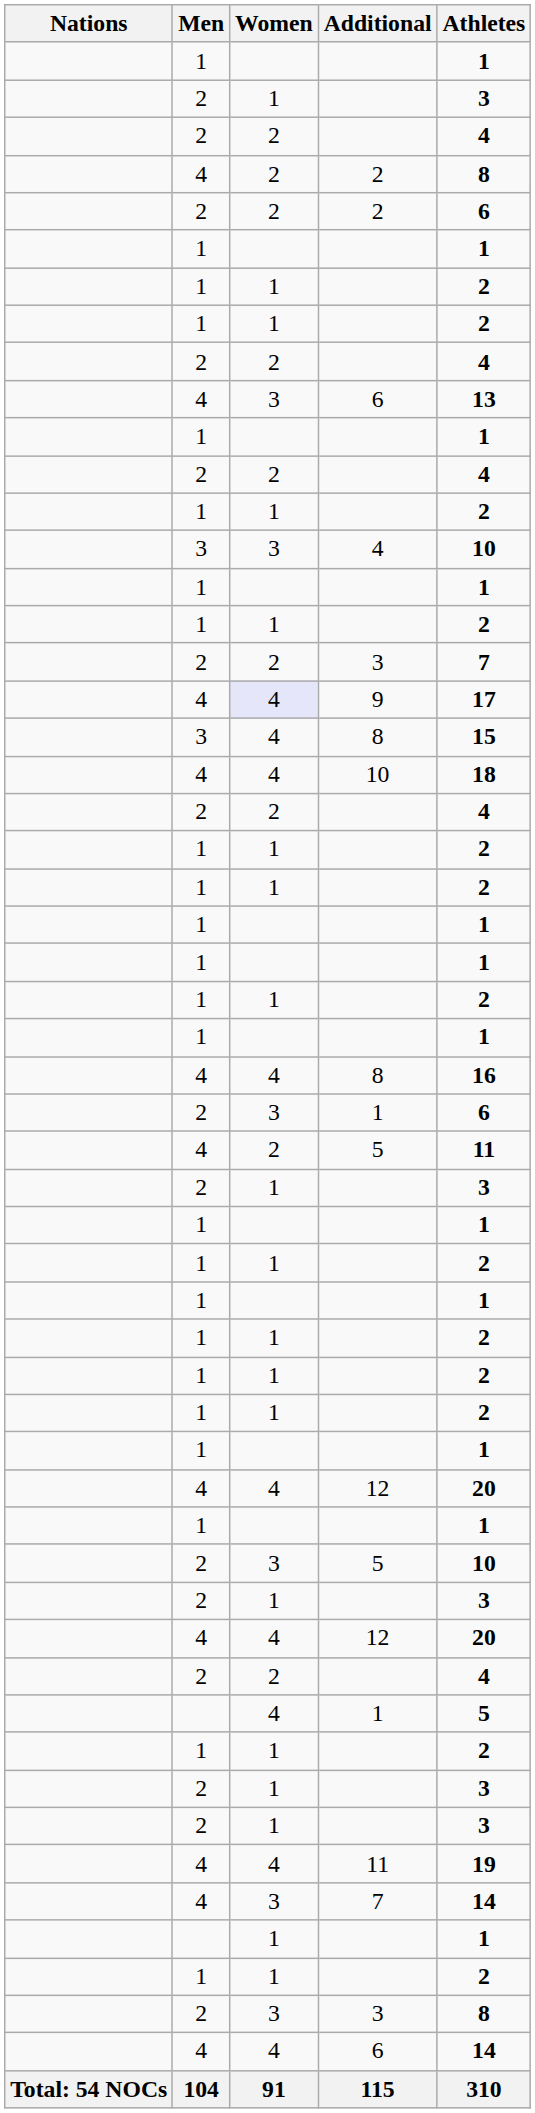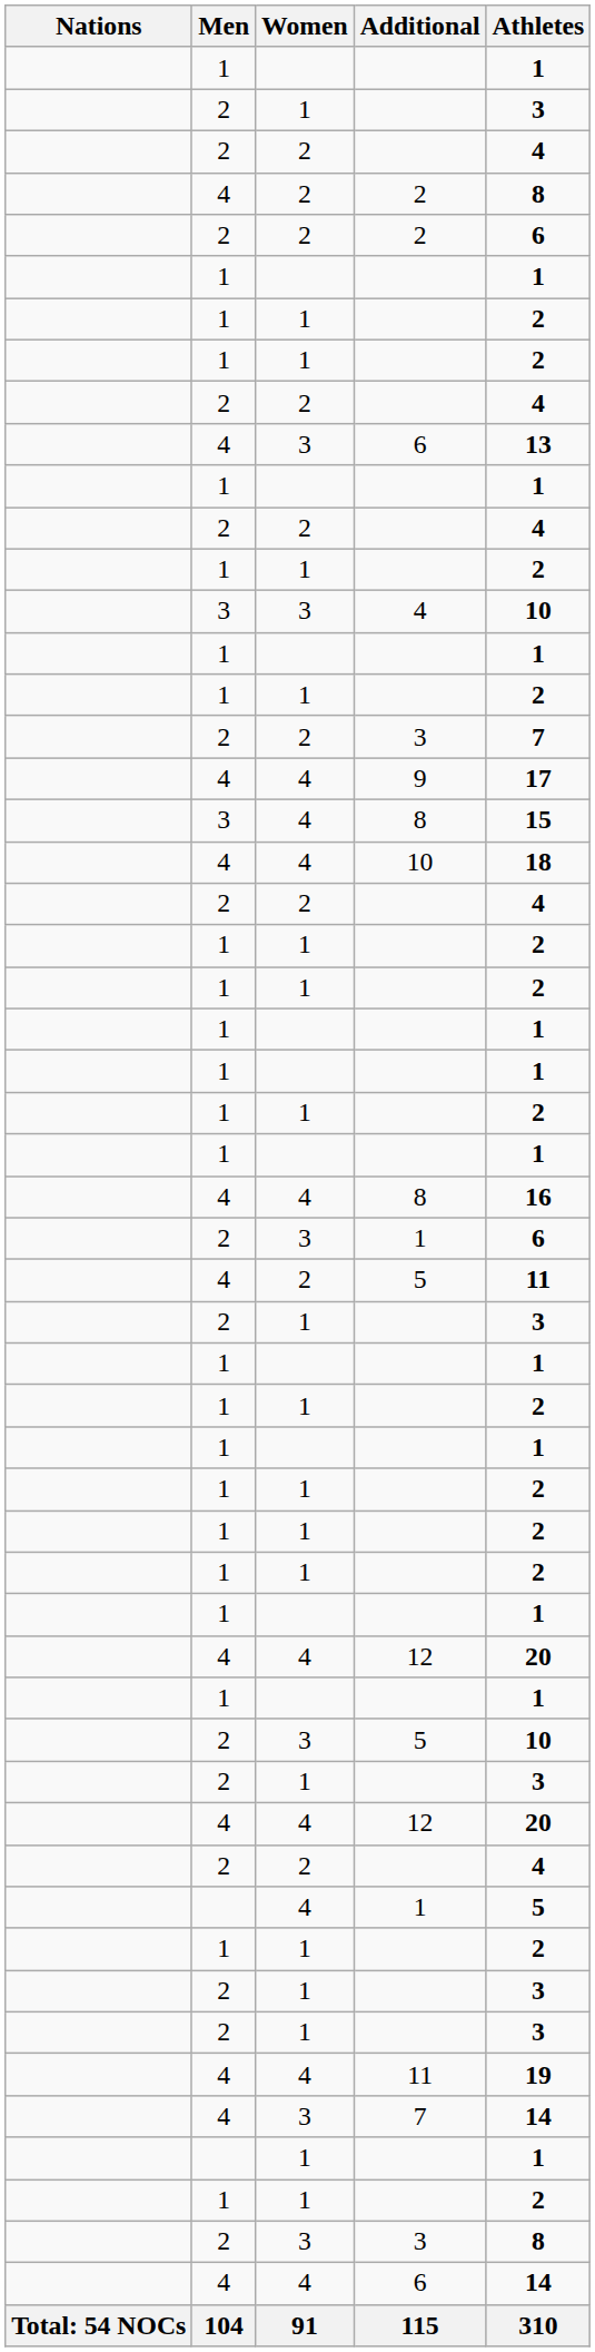 <table class="wikitable sortable" style="text-align:center;">
 <tr>
 <th>Nations</th>
 <th>Men</th>
 <th>Women</th>
 <th>Additional</th>
 <th>Athletes</th>
 </tr>
 <tr>
 <td align="left"></td>
 <td>1</td>
 <td></td>
 <td></td>
 <td><strong>1</strong></td>
 </tr>
 <tr>
 <td align="left"></td>
 <td>2</td>
 <td>1</td>
 <td></td>
 <td><strong>3</strong></td>
 </tr>
 <tr>
 <td align="left"></td>
 <td>2</td>
 <td>2</td>
 <td></td>
 <td><strong>4</strong></td>
 </tr>
 <tr>
 <td align="left"></td>
 <td>4</td>
 <td>2</td>
 <td>2</td>
 <td><strong>8</strong></td>
 </tr>
 <tr>
 <td align="left"></td>
 <td>2</td>
 <td>2</td>
 <td>2</td>
 <td><strong>6</strong></td>
 </tr>
 <tr>
 <td align="left"></td>
 <td>1</td>
 <td></td>
 <td></td>
 <td><strong>1</strong></td>
 </tr>
 <tr>
 <td align="left"></td>
 <td>1</td>
 <td>1</td>
 <td></td>
 <td><strong>2</strong></td>
 </tr>
 <tr>
 <td align="left"></td>
 <td>1</td>
 <td>1</td>
 <td></td>
 <td><strong>2</strong></td>
 </tr>
 <tr>
 <td align="left"></td>
 <td>2</td>
 <td>2</td>
 <td></td>
 <td><strong>4</strong></td>
 </tr>
 <tr>
 <td align="left"></td>
 <td>4</td>
 <td>3</td>
 <td>6</td>
 <td><strong>13</strong></td>
 </tr>
 <tr>
 <td align="left"></td>
 <td>1</td>
 <td></td>
 <td></td>
 <td><strong>1</strong></td>
 </tr>
 <tr>
 <td align="left"></td>
 <td>2</td>
 <td>2</td>
 <td></td>
 <td><strong>4</strong></td>
 </tr>
 <tr>
 <td align="left"></td>
 <td>1</td>
 <td>1</td>
 <td></td>
 <td><strong>2</strong></td>
 </tr>
 <tr>
 <td align="left"></td>
 <td>3</td>
 <td>3</td>
 <td>4</td>
 <td><strong>10</strong></td>
 </tr>
 <tr>
 <td align="left"></td>
 <td>1</td>
 <td></td>
 <td></td>
 <td><strong>1</strong></td>
 </tr>
 <tr>
 <td align="left"></td>
 <td>1</td>
 <td>1</td>
 <td></td>
 <td><strong>2</strong></td>
 </tr>
 <tr>
 <td align="left"></td>
 <td>2</td>
 <td>2</td>
 <td>3</td>
 <td><strong>7</strong></td>
 </tr>
 <tr>
 <td align="left"></td>
 <td>4</td>
-<td style="background: lavender;">4</td>
+<td>4</td>
 <td>9</td>
 <td><strong>17</strong></td>
 </tr>
 <tr>
 <td align="left"></td>
 <td>3</td>
 <td>4</td>
 <td>8</td>
 <td><strong>15</strong></td>
 </tr>
 <tr>
 <td align="left"></td>
 <td>4</td>
 <td>4</td>
 <td>10</td>
 <td><strong>18</strong></td>
 </tr>
 <tr>
 <td align="left"></td>
 <td>2</td>
 <td>2</td>
 <td></td>
 <td><strong>4</strong></td>
 </tr>
 <tr>
 <td align="left"></td>
 <td>1</td>
 <td>1</td>
 <td></td>
 <td><strong>2</strong></td>
 </tr>
 <tr>
 <td align="left"></td>
 <td>1</td>
 <td>1</td>
 <td></td>
 <td><strong>2</strong></td>
 </tr>
 <tr>
 <td align="left"></td>
 <td>1</td>
 <td></td>
 <td></td>
 <td><strong>1</strong></td>
 </tr>
 <tr>
 <td align="left"></td>
 <td>1</td>
 <td></td>
 <td></td>
 <td><strong>1</strong></td>
 </tr>
 <tr>
 <td align="left"></td>
 <td>1</td>
 <td>1</td>
 <td></td>
 <td><strong>2</strong></td>
 </tr>
 <tr>
 <td align="left"></td>
 <td>1</td>
 <td></td>
 <td></td>
 <td><strong>1</strong></td>
 </tr>
 <tr>
 <td align="left"></td>
 <td>4</td>
 <td>4</td>
 <td>8</td>
 <td><strong>16</strong></td>
 </tr>
 <tr>
 <td align="left"></td>
 <td>2</td>
 <td>3</td>
 <td>1</td>
 <td><strong>6</strong></td>
 </tr>
 <tr>
 <td align="left"></td>
 <td>4</td>
 <td>2</td>
 <td>5</td>
 <td><strong>11</strong></td>
 </tr>
 <tr>
 <td align="left"></td>
 <td>2</td>
 <td>1</td>
 <td></td>
 <td><strong>3</strong></td>
 </tr>
 <tr>
 <td align="left"></td>
 <td>1</td>
 <td></td>
 <td></td>
 <td><strong>1</strong></td>
 </tr>
 <tr>
 <td align="left"></td>
 <td>1</td>
 <td>1</td>
 <td></td>
 <td><strong>2</strong></td>
 </tr>
 <tr>
 <td align="left"></td>
 <td>1</td>
 <td></td>
 <td></td>
 <td><strong>1</strong></td>
 </tr>
 <tr>
 <td align="left"></td>
 <td>1</td>
 <td>1</td>
 <td></td>
 <td><strong>2</strong></td>
 </tr>
 <tr>
 <td align="left"></td>
 <td>1</td>
 <td>1</td>
 <td></td>
 <td><strong>2</strong></td>
 </tr>
 <tr>
 <td align="left"></td>
 <td>1</td>
 <td>1</td>
 <td></td>
 <td><strong>2</strong></td>
 </tr>
 <tr>
 <td align="left"></td>
 <td>1</td>
 <td></td>
 <td></td>
 <td><strong>1</strong></td>
 </tr>
 <tr>
 <td align="left"></td>
 <td>4</td>
 <td>4</td>
 <td>12</td>
 <td><strong>20</strong></td>
 </tr>
 <tr>
 <td align="left"></td>
 <td>1</td>
 <td></td>
 <td></td>
 <td><strong>1</strong></td>
 </tr>
 <tr>
 <td align="left"></td>
 <td>2</td>
 <td>3</td>
 <td>5</td>
 <td><strong>10</strong></td>
 </tr>
 <tr>
 <td align="left"></td>
 <td>2</td>
 <td>1</td>
 <td></td>
 <td><strong>3</strong></td>
 </tr>
 <tr>
 <td align="left"></td>
 <td>4</td>
 <td>4</td>
 <td>12</td>
 <td><strong>20</strong></td>
 </tr>
 <tr>
 <td align="left"></td>
 <td>2</td>
 <td>2</td>
 <td></td>
 <td><strong>4</strong></td>
 </tr>
 <tr>
 <td align="left"></td>
 <td></td>
 <td>4</td>
 <td>1</td>
 <td><strong>5</strong></td>
 </tr>
 <tr>
 <td align="left"></td>
 <td>1</td>
 <td>1</td>
 <td></td>
 <td><strong>2</strong></td>
 </tr>
 <tr>
 <td align="left"></td>
 <td>2</td>
 <td>1</td>
 <td></td>
 <td><strong>3</strong></td>
 </tr>
 <tr>
 <td align="left"></td>
 <td>2</td>
 <td>1</td>
 <td></td>
 <td><strong>3</strong></td>
 </tr>
 <tr>
 <td align="left"></td>
 <td>4</td>
 <td>4</td>
 <td>11</td>
 <td><strong>19</strong></td>
 </tr>
 <tr>
 <td align="left"></td>
 <td>4</td>
 <td>3</td>
 <td>7</td>
 <td><strong>14</strong></td>
 </tr>
 <tr>
 <td align="left"></td>
 <td></td>
 <td>1</td>
 <td></td>
 <td><strong>1</strong></td>
 </tr>
 <tr>
 <td align="left"></td>
 <td>1</td>
 <td>1</td>
 <td></td>
 <td><strong>2</strong></td>
 </tr>
 <tr>
 <td align="left"></td>
 <td>2</td>
 <td>3</td>
 <td>3</td>
 <td><strong>8</strong></td>
 </tr>
 <tr>
 <td align="left"></td>
 <td>4</td>
 <td>4</td>
 <td>6</td>
 <td><strong>14</strong></td>
 </tr>
 <tr>
 <th>Total: 54 NOCs</th>
 <th>104</th>
 <th>91</th>
 <th>115</th>
 <th>310</th>
 </tr>
 </table>
